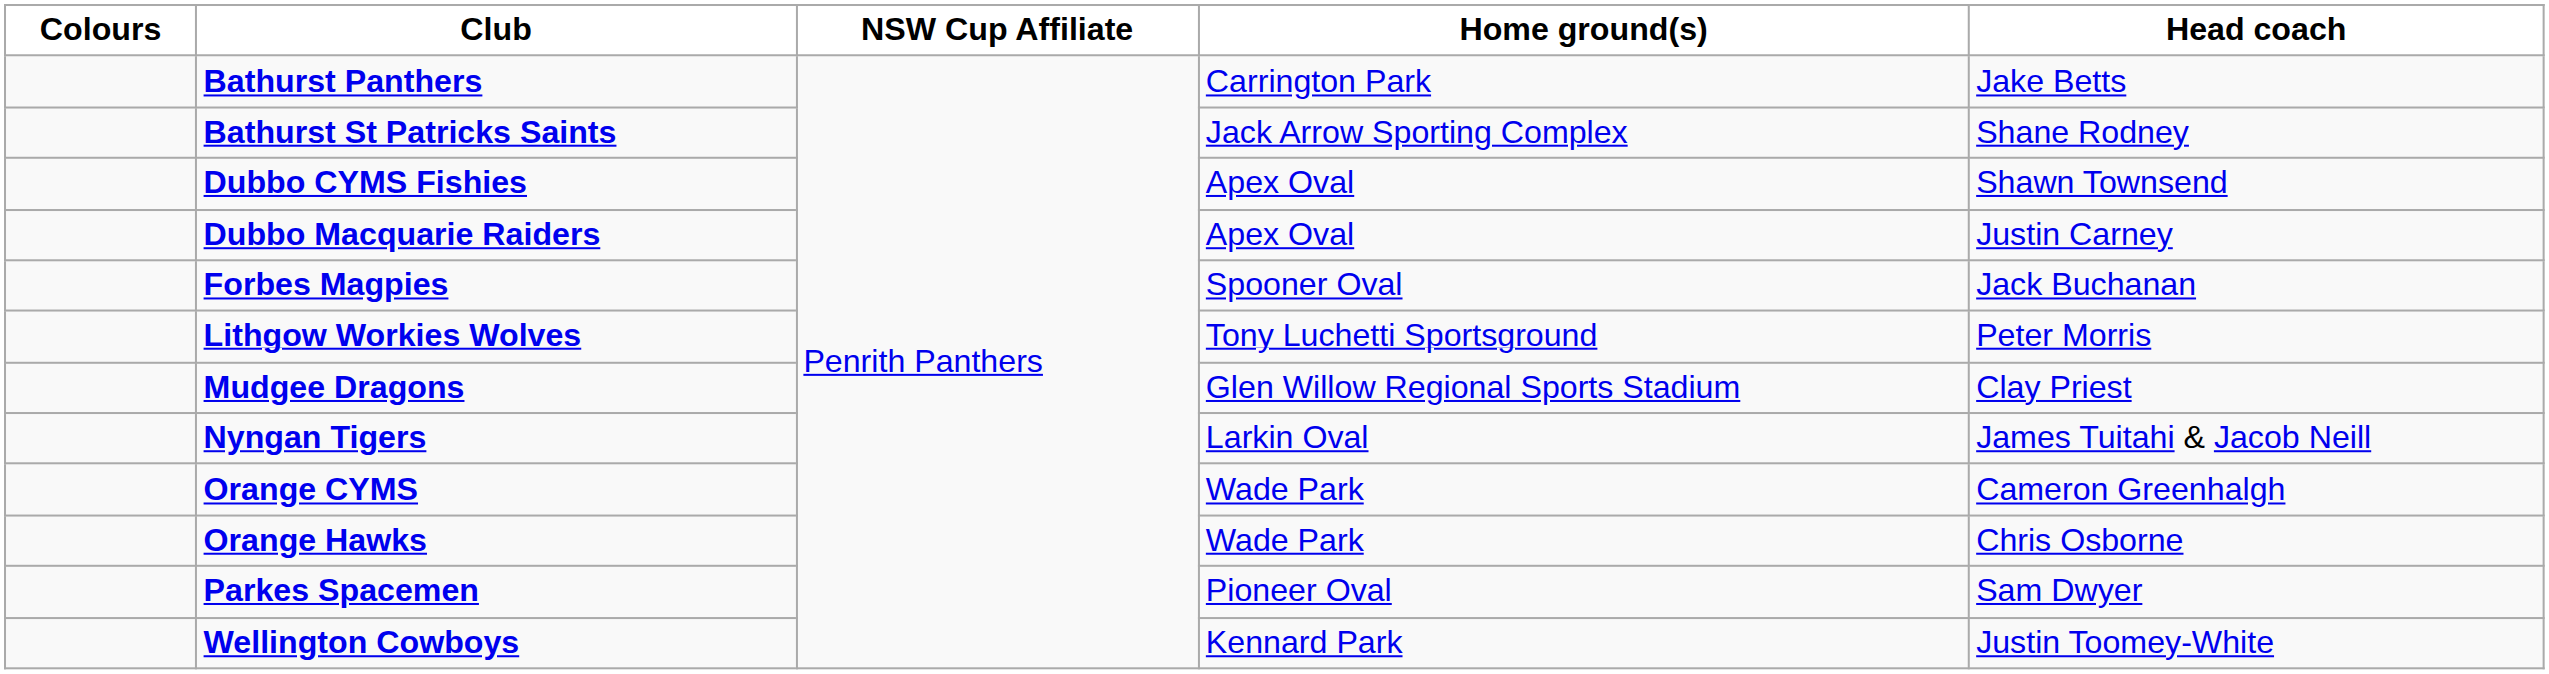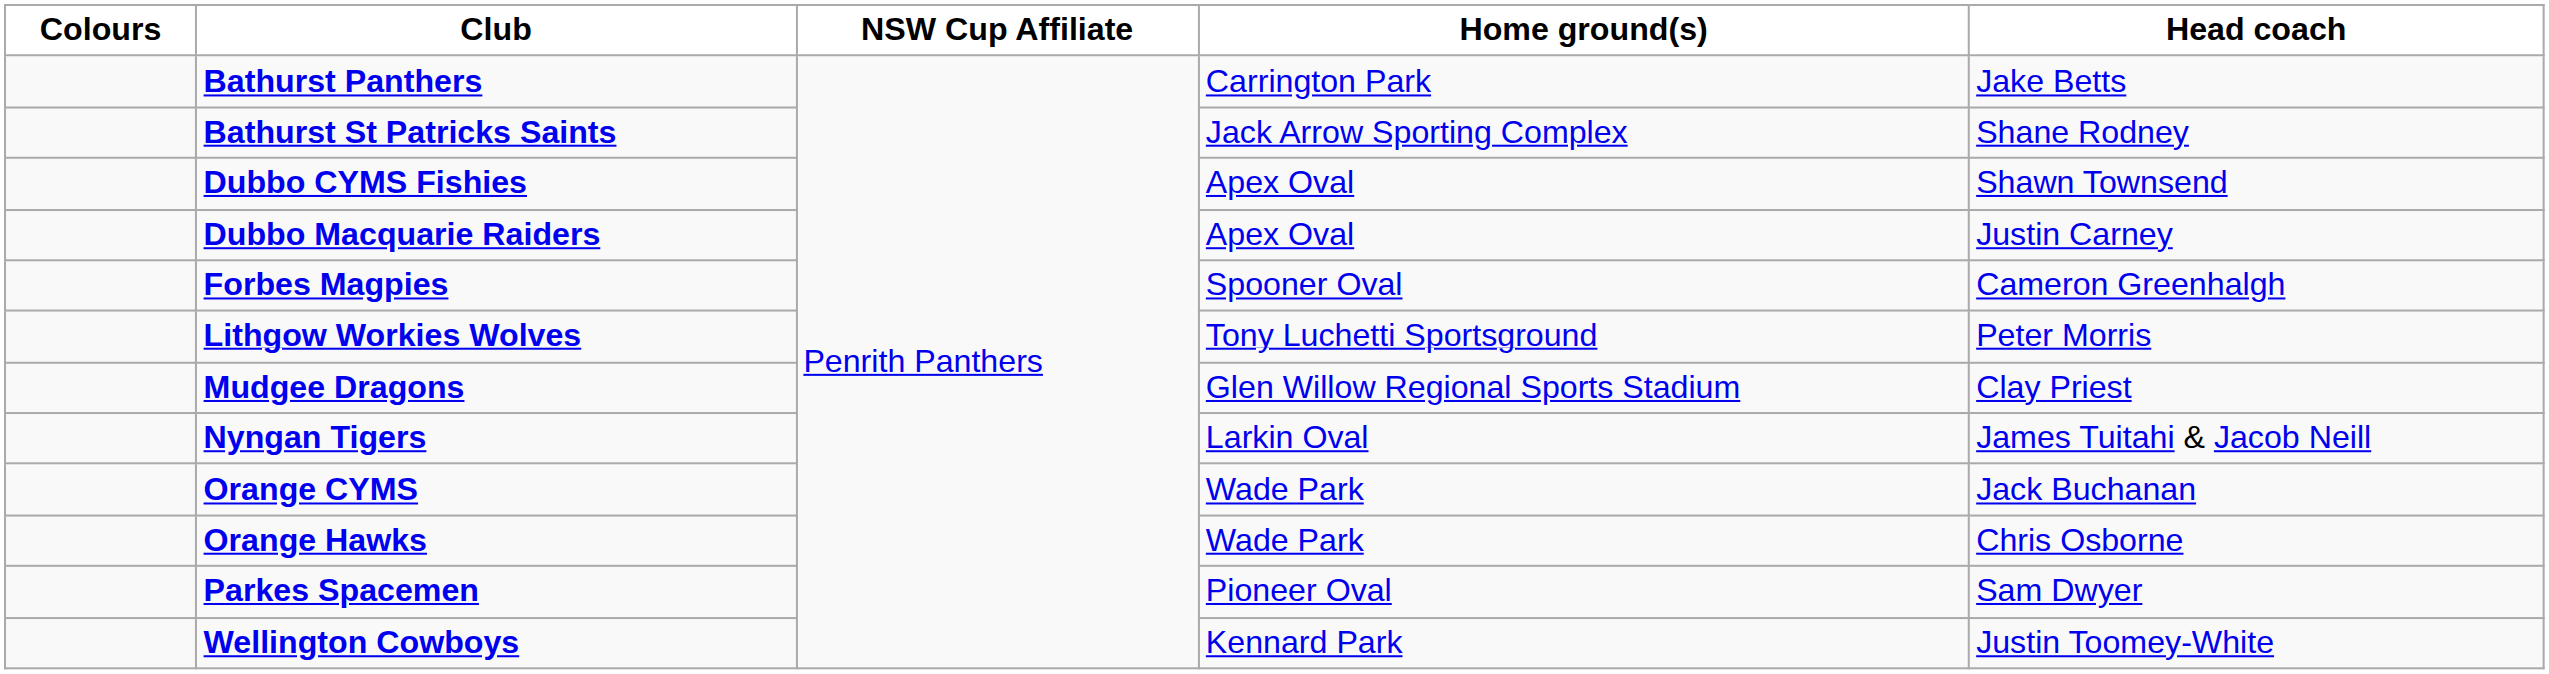 <table class="wikitable" style="width:100%;">
 <tr>
 <th style="background:white">Colours</th>
 <th style="background:white">Club</th>
 <th style="background:white">NSW Cup Affiliate</th>
 <th style="background:white">Home ground(s)</th>
 <th style="background:white">Head coach</th>
 </tr>
 <tr>
 <td></td>
 <td><strong><a href='#'>Bathurst Panthers</a></strong></td>
 <td rowspan="12"> <a href='#'>Penrith Panthers</a></td>
 <td><a href='#'>Carrington Park</a></td>
 <td><a href='#'>Jake Betts</a></td>
 </tr>
 <tr>
 <td></td>
 <td><strong><a href='#'>Bathurst St Patricks Saints</a></strong></td>
 <td><a href='#'>Jack Arrow Sporting Complex</a></td>
 <td><a href='#'>Shane Rodney</a></td>
 </tr>
 <tr>
 <td></td>
 <td><strong><a href='#'>Dubbo CYMS Fishies</a></strong></td>
 <td><a href='#'>Apex Oval</a></td>
 <td><a href='#'>Shawn Townsend</a></td>
 </tr>
 <tr>
 <td></td>
 <td><strong><a href='#'>Dubbo Macquarie Raiders</a></strong></td>
 <td><a href='#'>Apex Oval</a></td>
 <td><a href='#'>Justin Carney</a></td>
 </tr>
 <tr>
 <td></td>
 <td><strong><a href='#'>Forbes Magpies</a></strong></td>
 <td><a href='#'>Spooner Oval</a></td>
-<td><a href='#'>Jack Buchanan</a></td>
+<td><a href='#'>Cameron Greenhalgh</a></td>
 </tr>
 <tr>
 <td></td>
 <td><strong><a href='#'>Lithgow Workies Wolves</a></strong></td>
 <td><a href='#'>Tony Luchetti Sportsground</a></td>
 <td><a href='#'>Peter Morris</a></td>
 </tr>
 <tr>
 <td></td>
 <td><strong><a href='#'>Mudgee Dragons</a></strong></td>
 <td><a href='#'>Glen Willow Regional Sports Stadium</a></td>
 <td><a href='#'>Clay Priest</a></td>
 </tr>
 <tr>
 <td></td>
 <td><strong><a href='#'>Nyngan Tigers</a></strong></td>
 <td><a href='#'>Larkin Oval</a></td>
 <td><a href='#'>James Tuitahi</a> & <a href='#'>Jacob Neill</a></td>
 </tr>
 <tr>
 <td></td>
 <td><strong><a href='#'>Orange CYMS</a></strong></td>
 <td><a href='#'>Wade Park</a></td>
-<td><a href='#'>Cameron Greenhalgh</a></td>
+<td><a href='#'>Jack Buchanan</a></td>
 </tr>
 <tr>
 <td></td>
 <td><strong><a href='#'>Orange Hawks</a></strong></td>
 <td><a href='#'>Wade Park</a></td>
 <td><a href='#'>Chris Osborne</a></td>
 </tr>
 <tr>
 <td></td>
 <td><strong><a href='#'>Parkes Spacemen</a></strong></td>
 <td><a href='#'>Pioneer Oval</a></td>
 <td><a href='#'>Sam Dwyer</a></td>
 </tr>
 <tr>
 <td></td>
 <td><strong><a href='#'>Wellington Cowboys</a></strong></td>
 <td><a href='#'>Kennard Park</a></td>
 <td><a href='#'>Justin Toomey-White</a></td>
 </tr>
 </table>
